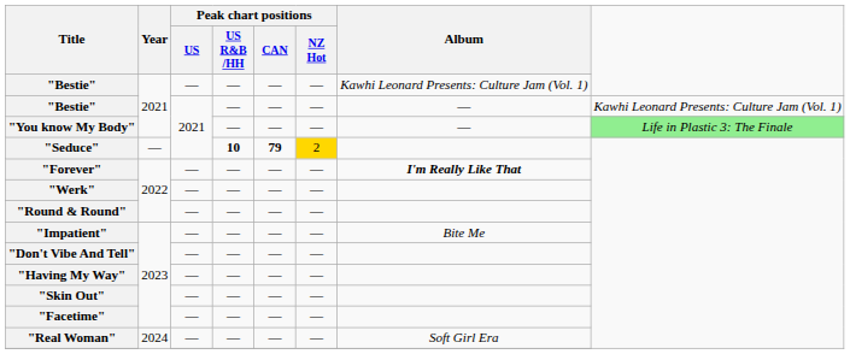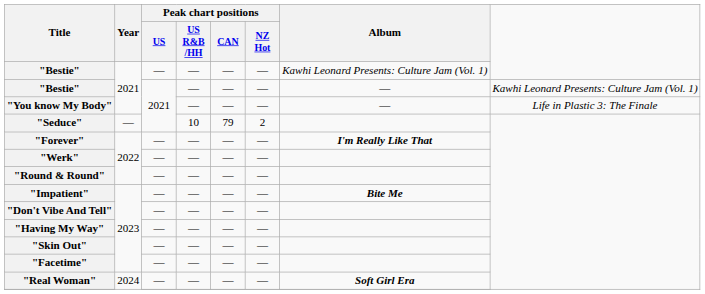 <table class="wikitable plainrowheaders" style="text-align:center;">
 <tr>
 <th scope="col" rowspan="2">Title</th>
 <th scope="col" rowspan="2">Year</th>
 <th scope="col" colspan="4">Peak chart positions</th>
 <th scope="col" rowspan="2">Album</th>
 </tr>
 <tr>
 <th scope="col" style="width:3em;font-size:90%;"><a href='#'>US</a></th>
 <th scope="col" style="width:3em;font-size:90%;"><a href='#'>US<br>R&B<br>/HH</a></th>
 <th scope="col" style="width:3em;font-size:90%;"><a href='#'>CAN</a></th>
 <th scope="col" style="width:3em;font-size:90%;"><a href='#'>NZ<br>Hot</a></th>
 </tr>
 <tr>
 <th scope="row">"Bestie"<br></th>
 <td rowspan="3">2021</td>
 <td>—</td>
 <td>—</td>
 <td>—</td>
 <td>—</td>
 <td><em>Kawhi Leonard Presents: Culture Jam (Vol. 1)</em></td>
 </tr>
 <tr>
 <th scope="row">"Bestie"<br></th>
 <td rowspan="3">2021</td>
 <td>—</td>
 <td>—</td>
 <td>—</td>
 <td>—</td>
 <td><em>Kawhi Leonard Presents: Culture Jam (Vol. 1)</em></td>
 </tr>
 <tr>
 <th scope="row">"You know My Body"<br></th>
 <td>—</td>
 <td>—</td>
 <td>—</td>
 <td>—</td>
-<td style="background: lightgreen;"><em>Life in Plastic 3: The Finale</em></td>
+<td><em>Life in Plastic 3: The Finale</em></td>
 </tr>
 <tr>
 <th scope="row">"Seduce"<br></th>
 <td>—</td>
-<td><strong>10</strong></td>
-<td><strong>79</strong></td>
-<td style="background: gold;">2</td>
+<td>10</td>
+<td>79</td>
+<td>2</td>
 <td></td>
 </tr>
 <tr>
 <th scope="row">"Forever"<br></th>
 <td rowspan="3">2022</td>
 <td>—</td>
 <td>—</td>
 <td>—</td>
 <td>—</td>
 <td><strong><em>I'm Really Like That</em></strong></td>
 </tr>
 <tr>
 <th scope="row">"Werk"<br></th>
 <td>—</td>
 <td>—</td>
 <td>—</td>
 <td>—</td>
 <td></td>
 </tr>
 <tr>
 <th scope="row">"Round & Round"<br></th>
 <td>—</td>
 <td>—</td>
 <td>—</td>
 <td>—</td>
 <td></td>
 </tr>
 <tr>
 <th scope="row">"Impatient"<br></th>
 <td rowspan="5">2023</td>
 <td>—</td>
 <td>—</td>
 <td>—</td>
 <td>—</td>
-<td><em>Bite Me</em></td>
+<td><strong><em>Bite Me</em></strong></td>
 </tr>
 <tr>
 <th scope="row">"Don't Vibe And Tell"<br></th>
 <td>—</td>
 <td>—</td>
 <td>—</td>
 <td>—</td>
 <td></td>
 </tr>
 <tr>
 <th scope="row">"Having My Way"<br></th>
 <td>—</td>
 <td>—</td>
 <td>—</td>
 <td>—</td>
 <td></td>
 </tr>
 <tr>
 <th scope="row">"Skin Out"<br></th>
 <td>—</td>
 <td>—</td>
 <td>—</td>
 <td>—</td>
 <td></td>
 </tr>
 <tr>
 <th scope="row">"Facetime"<br></th>
 <td>—</td>
 <td>—</td>
 <td>—</td>
 <td>—</td>
 <td></td>
 </tr>
 <tr>
 <th scope="row">"Real Woman"<br></th>
 <td rowspan="5">2024</td>
 <td>—</td>
 <td>—</td>
 <td>—</td>
 <td>—</td>
-<td><em>Soft Girl Era</em></td>
+<td><strong><em>Soft Girl Era</em></strong></td>
 </tr>
 <tr>
 </tr>
 </table>
